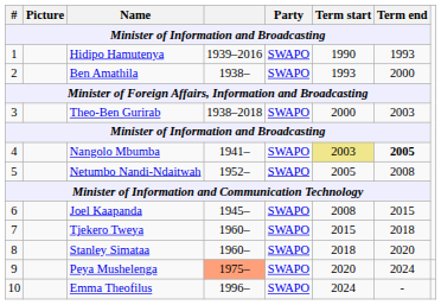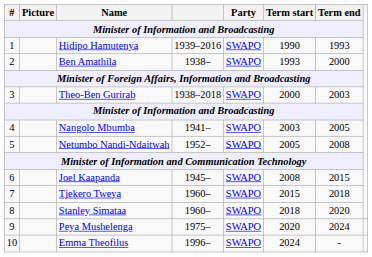 <table class="wikitable" style="text-align:center;">
 <tr>
 <th>#</th>
 <th>Picture</th>
 <th>Name</th>
 <th></th>
 <th>Party</th>
 <th>Term start</th>
 <th>Term end</th>
 </tr>
 <tr>
 <th style="background:#EEEEFF" align="center" colspan="7"><em>Minister of Information and Broadcasting</em></th>
 </tr>
 <tr>
 <td>1</td>
 <td></td>
 <td style="text-align:left;"><a href='#'>Hidipo Hamutenya</a></td>
 <td>1939–2016</td>
 <td><a href='#'>SWAPO</a></td>
 <td>1990</td>
 <td>1993</td>
 </tr>
 <tr>
 <td>2</td>
 <td></td>
 <td style="text-align:left;"><a href='#'>Ben Amathila</a></td>
 <td>1938–</td>
 <td><a href='#'>SWAPO</a></td>
 <td>1993</td>
 <td>2000</td>
 </tr>
 <tr>
 <th style="background:#EEEEFF" align="center" colspan="7"><em>Minister of Foreign Affairs, Information and Broadcasting</em></th>
 </tr>
 <tr>
 <td>3</td>
 <td></td>
 <td style="text-align:left;"><a href='#'>Theo-Ben Gurirab</a></td>
 <td>1938–2018</td>
 <td><a href='#'>SWAPO</a></td>
 <td>2000</td>
 <td>2003</td>
 </tr>
 <tr>
 <th style="background:#EEEEFF" align="center" colspan="7"><em>Minister of Information and Broadcasting</em></th>
 </tr>
 <tr>
 <td>4</td>
 <td></td>
 <td style="text-align:left;"><a href='#'>Nangolo Mbumba</a></td>
 <td>1941–</td>
 <td><a href='#'>SWAPO</a></td>
-<td style="background: khaki;">2003</td>
-<td><strong>2005</strong></td>
+<td>2003</td>
+<td>2005</td>
 </tr>
 <tr>
 <td>5</td>
 <td></td>
 <td style="text-align:left;"><a href='#'>Netumbo Nandi-Ndaitwah</a></td>
 <td>1952–</td>
 <td><a href='#'>SWAPO</a></td>
 <td>2005</td>
 <td>2008</td>
 </tr>
 <tr>
 <th style="background:#EEEEFF" align="center" colspan="7"><em>Minister of Information and Communication Technology</em></th>
 </tr>
 <tr>
 <td>6</td>
 <td></td>
 <td style="text-align:left;"><a href='#'>Joel Kaapanda</a></td>
 <td>1945–</td>
 <td><a href='#'>SWAPO</a></td>
 <td>2008</td>
 <td>2015</td>
 </tr>
 <tr>
 <td>7</td>
 <td></td>
 <td style="text-align:left;"><a href='#'>Tjekero Tweya</a></td>
 <td>1960–</td>
 <td><a href='#'>SWAPO</a></td>
 <td>2015</td>
 <td>2018</td>
 </tr>
 <tr>
 <td>8</td>
 <td></td>
 <td style="text-align:left;"><a href='#'>Stanley Simataa</a></td>
 <td>1960–</td>
 <td><a href='#'>SWAPO</a></td>
 <td>2018</td>
 <td>2020</td>
 </tr>
 <tr>
 <td>9</td>
 <td></td>
 <td style="text-align:left;"><a href='#'>Peya Mushelenga</a></td>
-<td style="background: lightsalmon;">1975–</td>
+<td>1975–</td>
 <td><a href='#'>SWAPO</a></td>
 <td>2020</td>
 <td>2024</td>
 <td></td>
 </tr>
 <tr>
 <td>10</td>
 <td></td>
 <td style="text-align:left;"><a href='#'>Emma Theofilus</a></td>
 <td>1996–</td>
 <td><a href='#'>SWAPO</a></td>
 <td>2024</td>
 <td>-</td>
 <td></td>
 </tr>
 </table>
